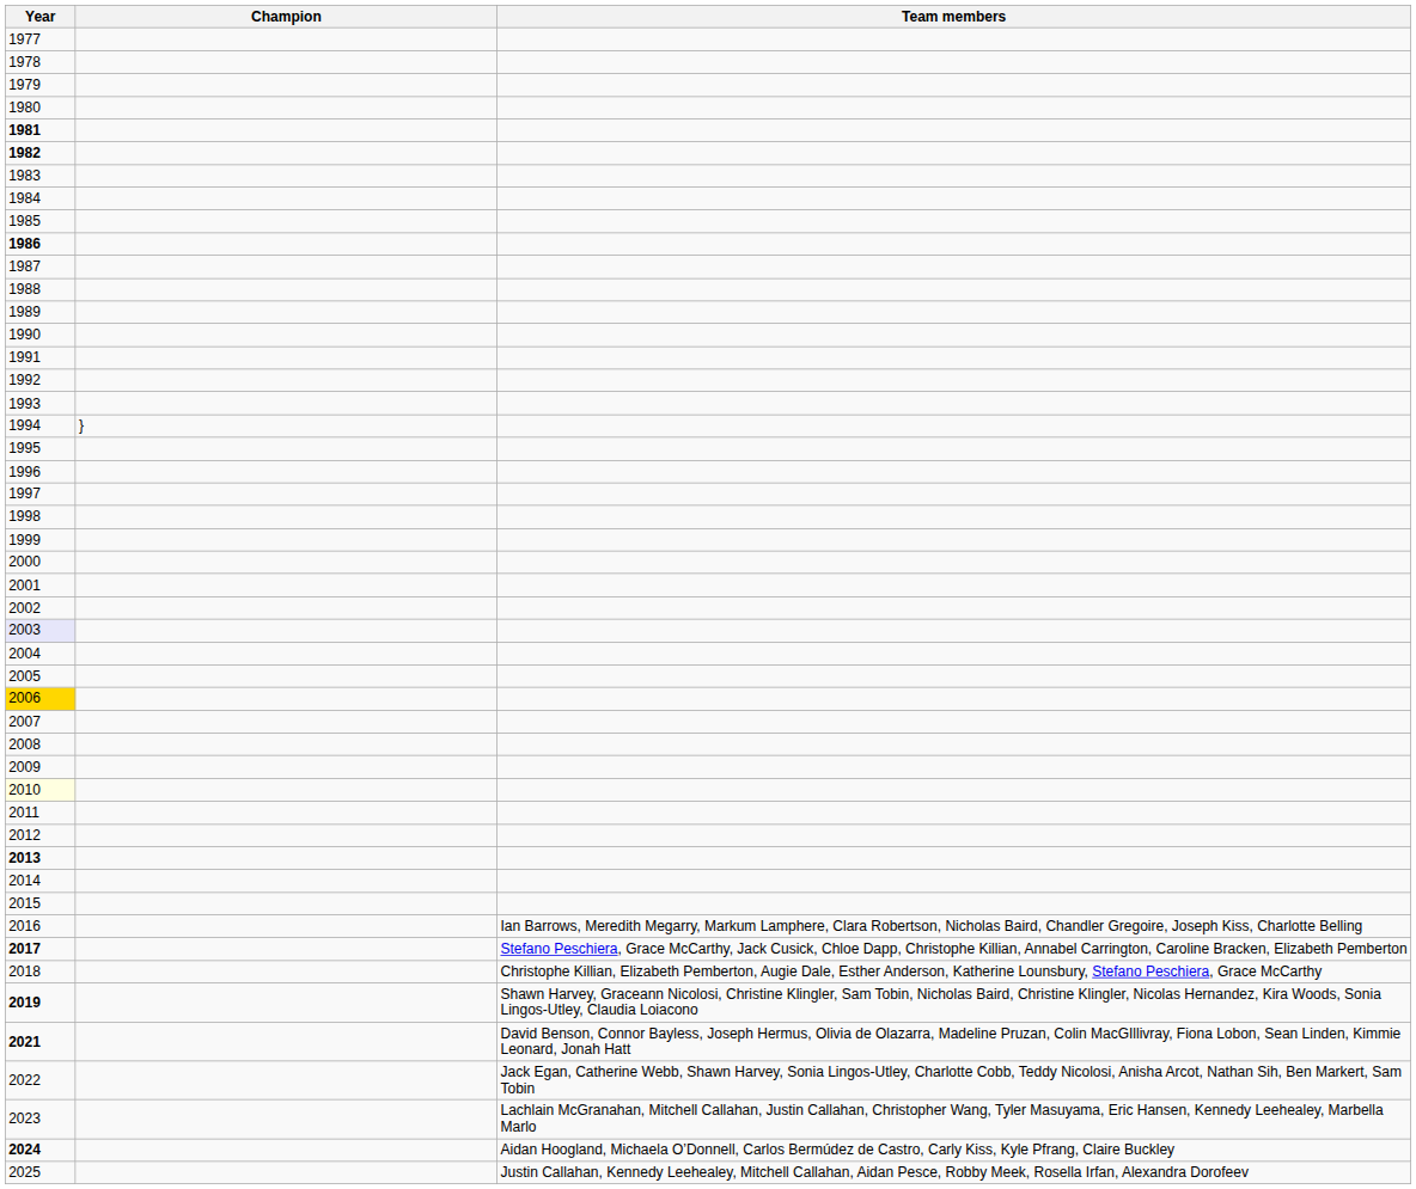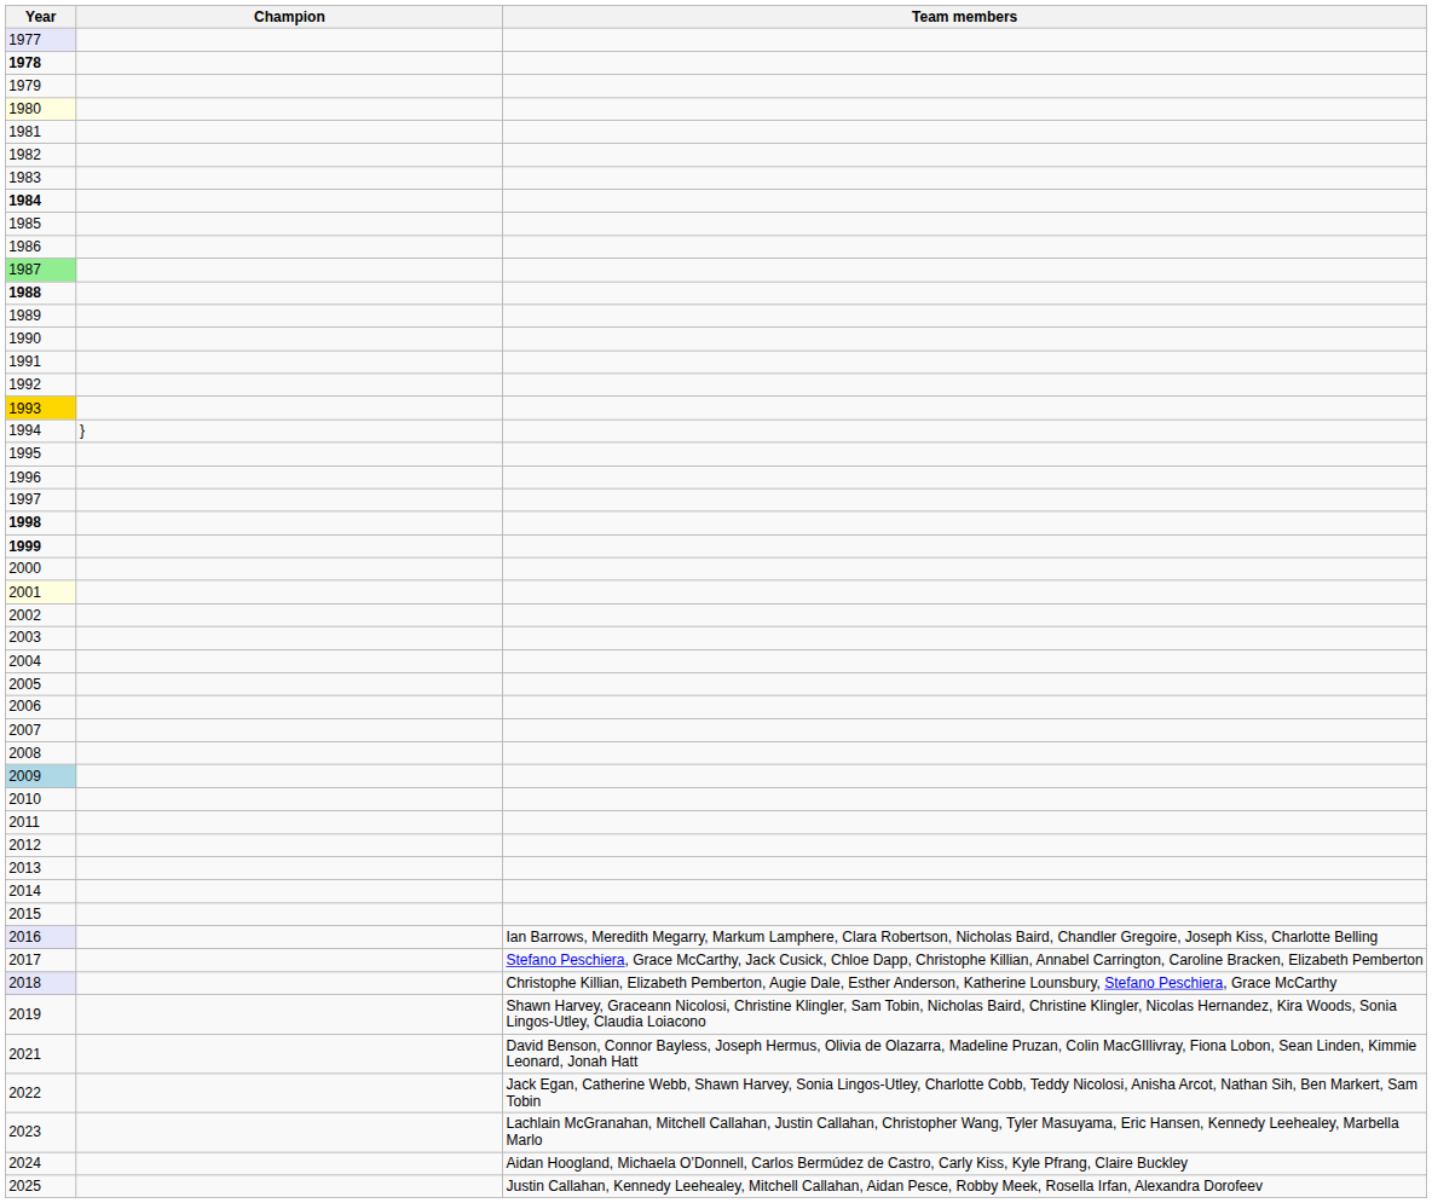 <table class="wikitable">
 <tr>
 <th style="width:5%;">Year</th>
 <th style="width:30%;">Champion</th>
 <th style="width:65%;">Team members</th>
 </tr>
 <tr>
-<td>1977</td>
+<td style="background: lavender;">1977</td>
 <td></td>
 <td></td>
 </tr>
 <tr>
-<td>1978</td>
+<td><strong>1978</strong></td>
 <td></td>
 <td></td>
 </tr>
 <tr>
 <td>1979</td>
 <td></td>
 <td></td>
 </tr>
 <tr>
-<td>1980</td>
+<td style="background: lightyellow;">1980</td>
 <td></td>
 <td></td>
 </tr>
 <tr>
-<td><strong>1981</strong></td>
+<td>1981</td>
 <td></td>
 <td></td>
 </tr>
 <tr>
-<td><strong>1982</strong></td>
+<td>1982</td>
 <td></td>
 <td></td>
 </tr>
 <tr>
 <td>1983</td>
 <td></td>
 <td></td>
 </tr>
 <tr>
-<td>1984</td>
+<td><strong>1984</strong></td>
 <td></td>
 <td></td>
 </tr>
 <tr>
 <td>1985</td>
 <td></td>
 <td></td>
 </tr>
 <tr>
-<td><strong>1986</strong></td>
+<td>1986</td>
 <td></td>
 </tr>
 <tr>
-<td>1987</td>
+<td style="background: lightgreen;">1987</td>
 <td></td>
 <td></td>
 </tr>
 <tr>
-<td>1988</td>
+<td><strong>1988</strong></td>
 <td></td>
 <td></td>
 </tr>
 <tr>
 <td>1989</td>
 <td></td>
 <td></td>
 </tr>
 <tr>
 <td>1990</td>
 <td></td>
 <td></td>
 </tr>
 <tr>
 <td>1991</td>
 <td></td>
 <td></td>
 </tr>
 <tr>
 <td>1992</td>
 <td></td>
 <td></td>
 </tr>
 <tr>
-<td>1993</td>
+<td style="background: gold;">1993</td>
 <td></td>
 <td></td>
 </tr>
 <tr>
 <td>1994</td>
 <td>}</td>
 <td></td>
 </tr>
 <tr>
 <td>1995</td>
 <td></td>
 <td></td>
 </tr>
 <tr>
 <td>1996</td>
 <td></td>
 <td></td>
 </tr>
 <tr>
 <td>1997</td>
 <td></td>
 <td></td>
 </tr>
 <tr>
-<td>1998</td>
+<td><strong>1998</strong></td>
 <td></td>
 <td></td>
 </tr>
 <tr>
-<td>1999</td>
+<td><strong>1999</strong></td>
 <td></td>
 <td></td>
 </tr>
 <tr>
 <td>2000</td>
 <td></td>
 <td></td>
 </tr>
 <tr>
-<td>2001</td>
+<td style="background: lightyellow;">2001</td>
 <td></td>
 <td></td>
 </tr>
 <tr>
 <td>2002</td>
 <td></td>
 <td></td>
 </tr>
 <tr>
-<td style="background: lavender;">2003</td>
+<td>2003</td>
 <td></td>
 <td></td>
 </tr>
 <tr>
 <td>2004</td>
 <td></td>
 <td></td>
 </tr>
 <tr>
 <td>2005</td>
 <td></td>
 <td></td>
 </tr>
 <tr>
-<td style="background: gold;">2006</td>
+<td>2006</td>
 <td></td>
 <td></td>
 </tr>
 <tr>
 <td>2007</td>
 <td></td>
 <td></td>
 </tr>
 <tr>
 <td>2008</td>
 <td></td>
 <td></td>
 </tr>
 <tr>
-<td>2009</td>
+<td style="background: lightblue;">2009</td>
 <td></td>
 <td></td>
 </tr>
 <tr>
-<td style="background: lightyellow;">2010</td>
+<td>2010</td>
 <td></td>
 <td></td>
 </tr>
 <tr>
 <td>2011</td>
 <td></td>
 <td></td>
 </tr>
 <tr>
 <td>2012</td>
 <td></td>
 <td></td>
 </tr>
 <tr>
-<td><strong>2013</strong></td>
+<td>2013</td>
 <td></td>
 <td></td>
 </tr>
 <tr>
 <td>2014</td>
 <td></td>
 <td></td>
 </tr>
 <tr>
 <td>2015</td>
 <td></td>
 <td></td>
 </tr>
 <tr>
-<td>2016</td>
+<td style="background: lavender;">2016</td>
 <td></td>
 <td>Ian Barrows, Meredith Megarry, Markum Lamphere, Clara Robertson, Nicholas Baird, Chandler Gregoire, Joseph Kiss, Charlotte Belling</td>
 </tr>
 <tr>
-<td><strong>2017</strong></td>
+<td>2017</td>
 <td></td>
 <td><a href='#'>Stefano Peschiera</a>, Grace McCarthy, Jack Cusick, Chloe Dapp, Christophe Killian, Annabel Carrington, Caroline Bracken, Elizabeth Pemberton</td>
 </tr>
 <tr>
-<td>2018</td>
+<td style="background: lavender;">2018</td>
 <td></td>
 <td>Christophe Killian, Elizabeth Pemberton, Augie Dale, Esther Anderson, Katherine Lounsbury, <a href='#'>Stefano Peschiera</a>, Grace McCarthy</td>
 </tr>
 <tr>
-<td><strong>2019</strong></td>
+<td>2019</td>
 <td></td>
 <td>Shawn Harvey, Graceann Nicolosi, Christine Klingler, Sam Tobin, Nicholas Baird, Christine Klingler, Nicolas Hernandez, Kira Woods, Sonia Lingos-Utley, Claudia Loiacono</td>
 </tr>
 <tr>
-<td><strong>2021</strong></td>
+<td>2021</td>
 <td></td>
 <td>David Benson, Connor Bayless, Joseph Hermus, Olivia de Olazarra, Madeline Pruzan, Colin MacGIllivray, Fiona Lobon, Sean Linden, Kimmie Leonard, Jonah Hatt</td>
 </tr>
 <tr>
 <td>2022</td>
 <td></td>
 <td>Jack Egan, Catherine Webb, Shawn Harvey, Sonia Lingos-Utley, Charlotte Cobb, Teddy Nicolosi, Anisha Arcot, Nathan Sih, Ben Markert, Sam Tobin</td>
 </tr>
 <tr>
 <td>2023</td>
 <td></td>
 <td>Lachlain McGranahan, Mitchell Callahan, Justin Callahan, Christopher Wang, Tyler Masuyama, Eric Hansen, Kennedy Leehealey, Marbella Marlo</td>
 </tr>
 <tr>
-<td><strong>2024</strong></td>
+<td>2024</td>
 <td></td>
 <td>Aidan Hoogland, Michaela O’Donnell, Carlos Bermúdez de Castro, Carly Kiss, Kyle Pfrang, Claire Buckley</td>
 </tr>
 <tr>
 <td>2025</td>
 <td></td>
 <td>Justin Callahan, Kennedy Leehealey, Mitchell Callahan, Aidan Pesce, Robby Meek, Rosella Irfan, Alexandra Dorofeev</td>
 </tr>
 </table>
